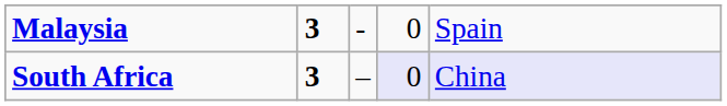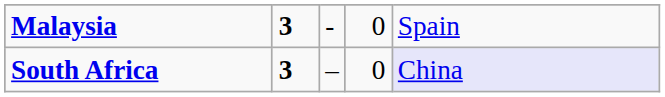 <table class="wikitable">
 <tr>
 <td width=150> <strong><a href='#'>Malaysia</a></strong></td>
 <td style="width:20px; text-align:left;"><strong>3</strong></td>
 <td>-</td>
 <td style="width:20px; text-align:right;">0</td>
 <td width=150> <a href='#'>Spain</a></td>
 </tr>
 <tr>
 <td> <strong><a href='#'>South Africa</a></strong></td>
 <td style="text-align:left;"><strong>3</strong></td>
 <td>–</td>
-<td style="background: lavender; text-align:right;">0</td>
+<td style="text-align:right;">0</td>
 <td style="background: lavender;"> <a href='#'>China</a></td>
 </tr>
 </table>
